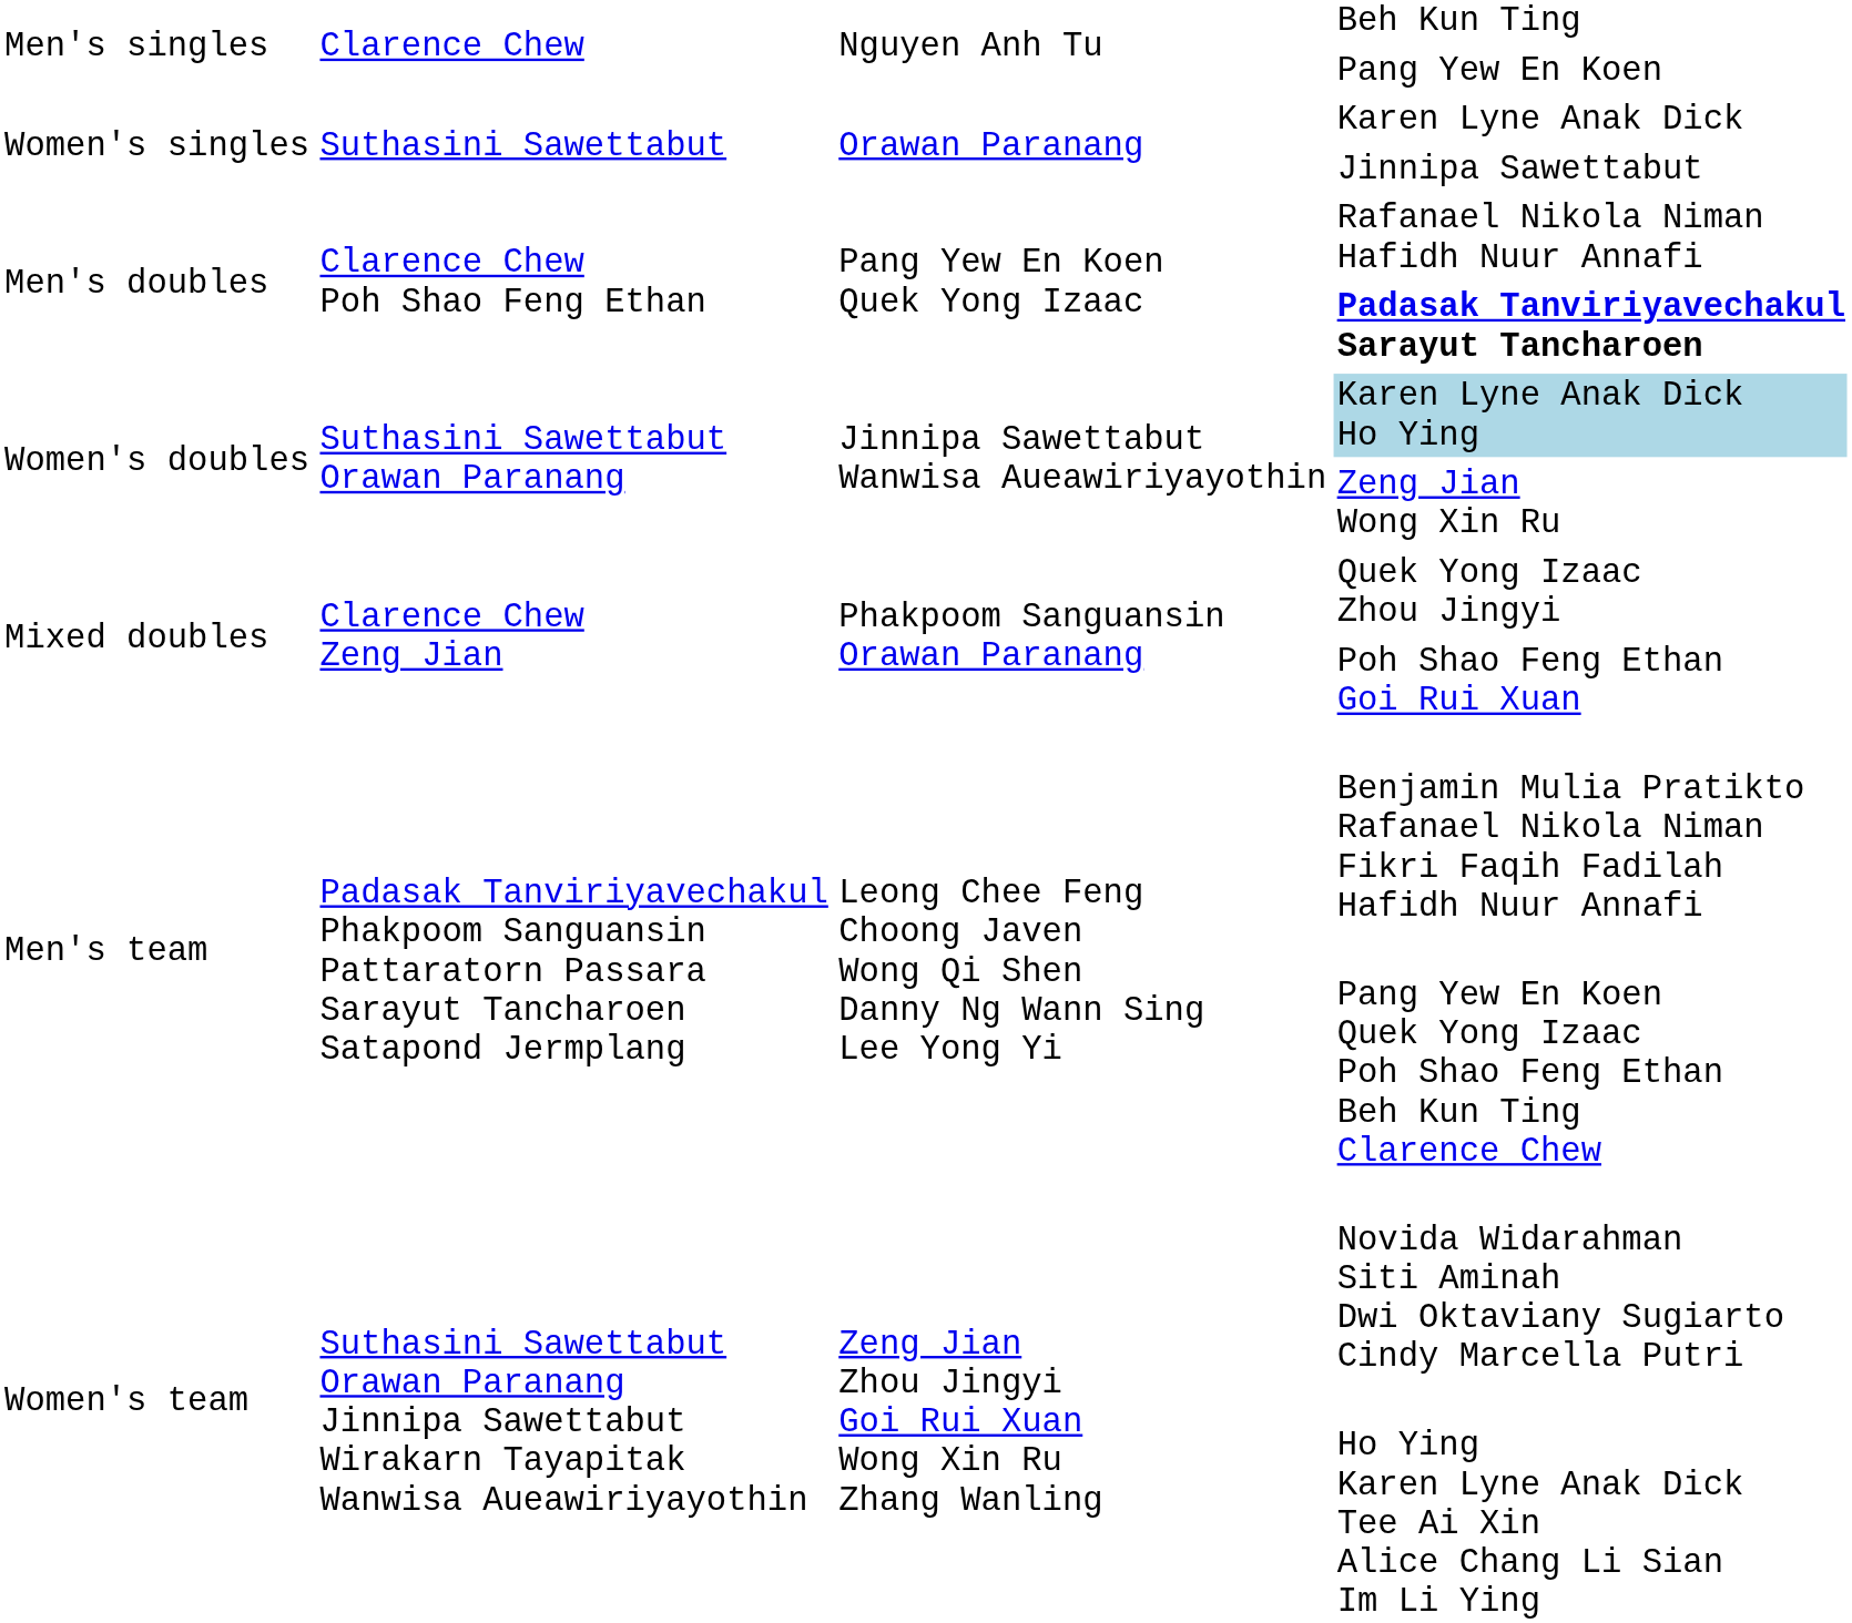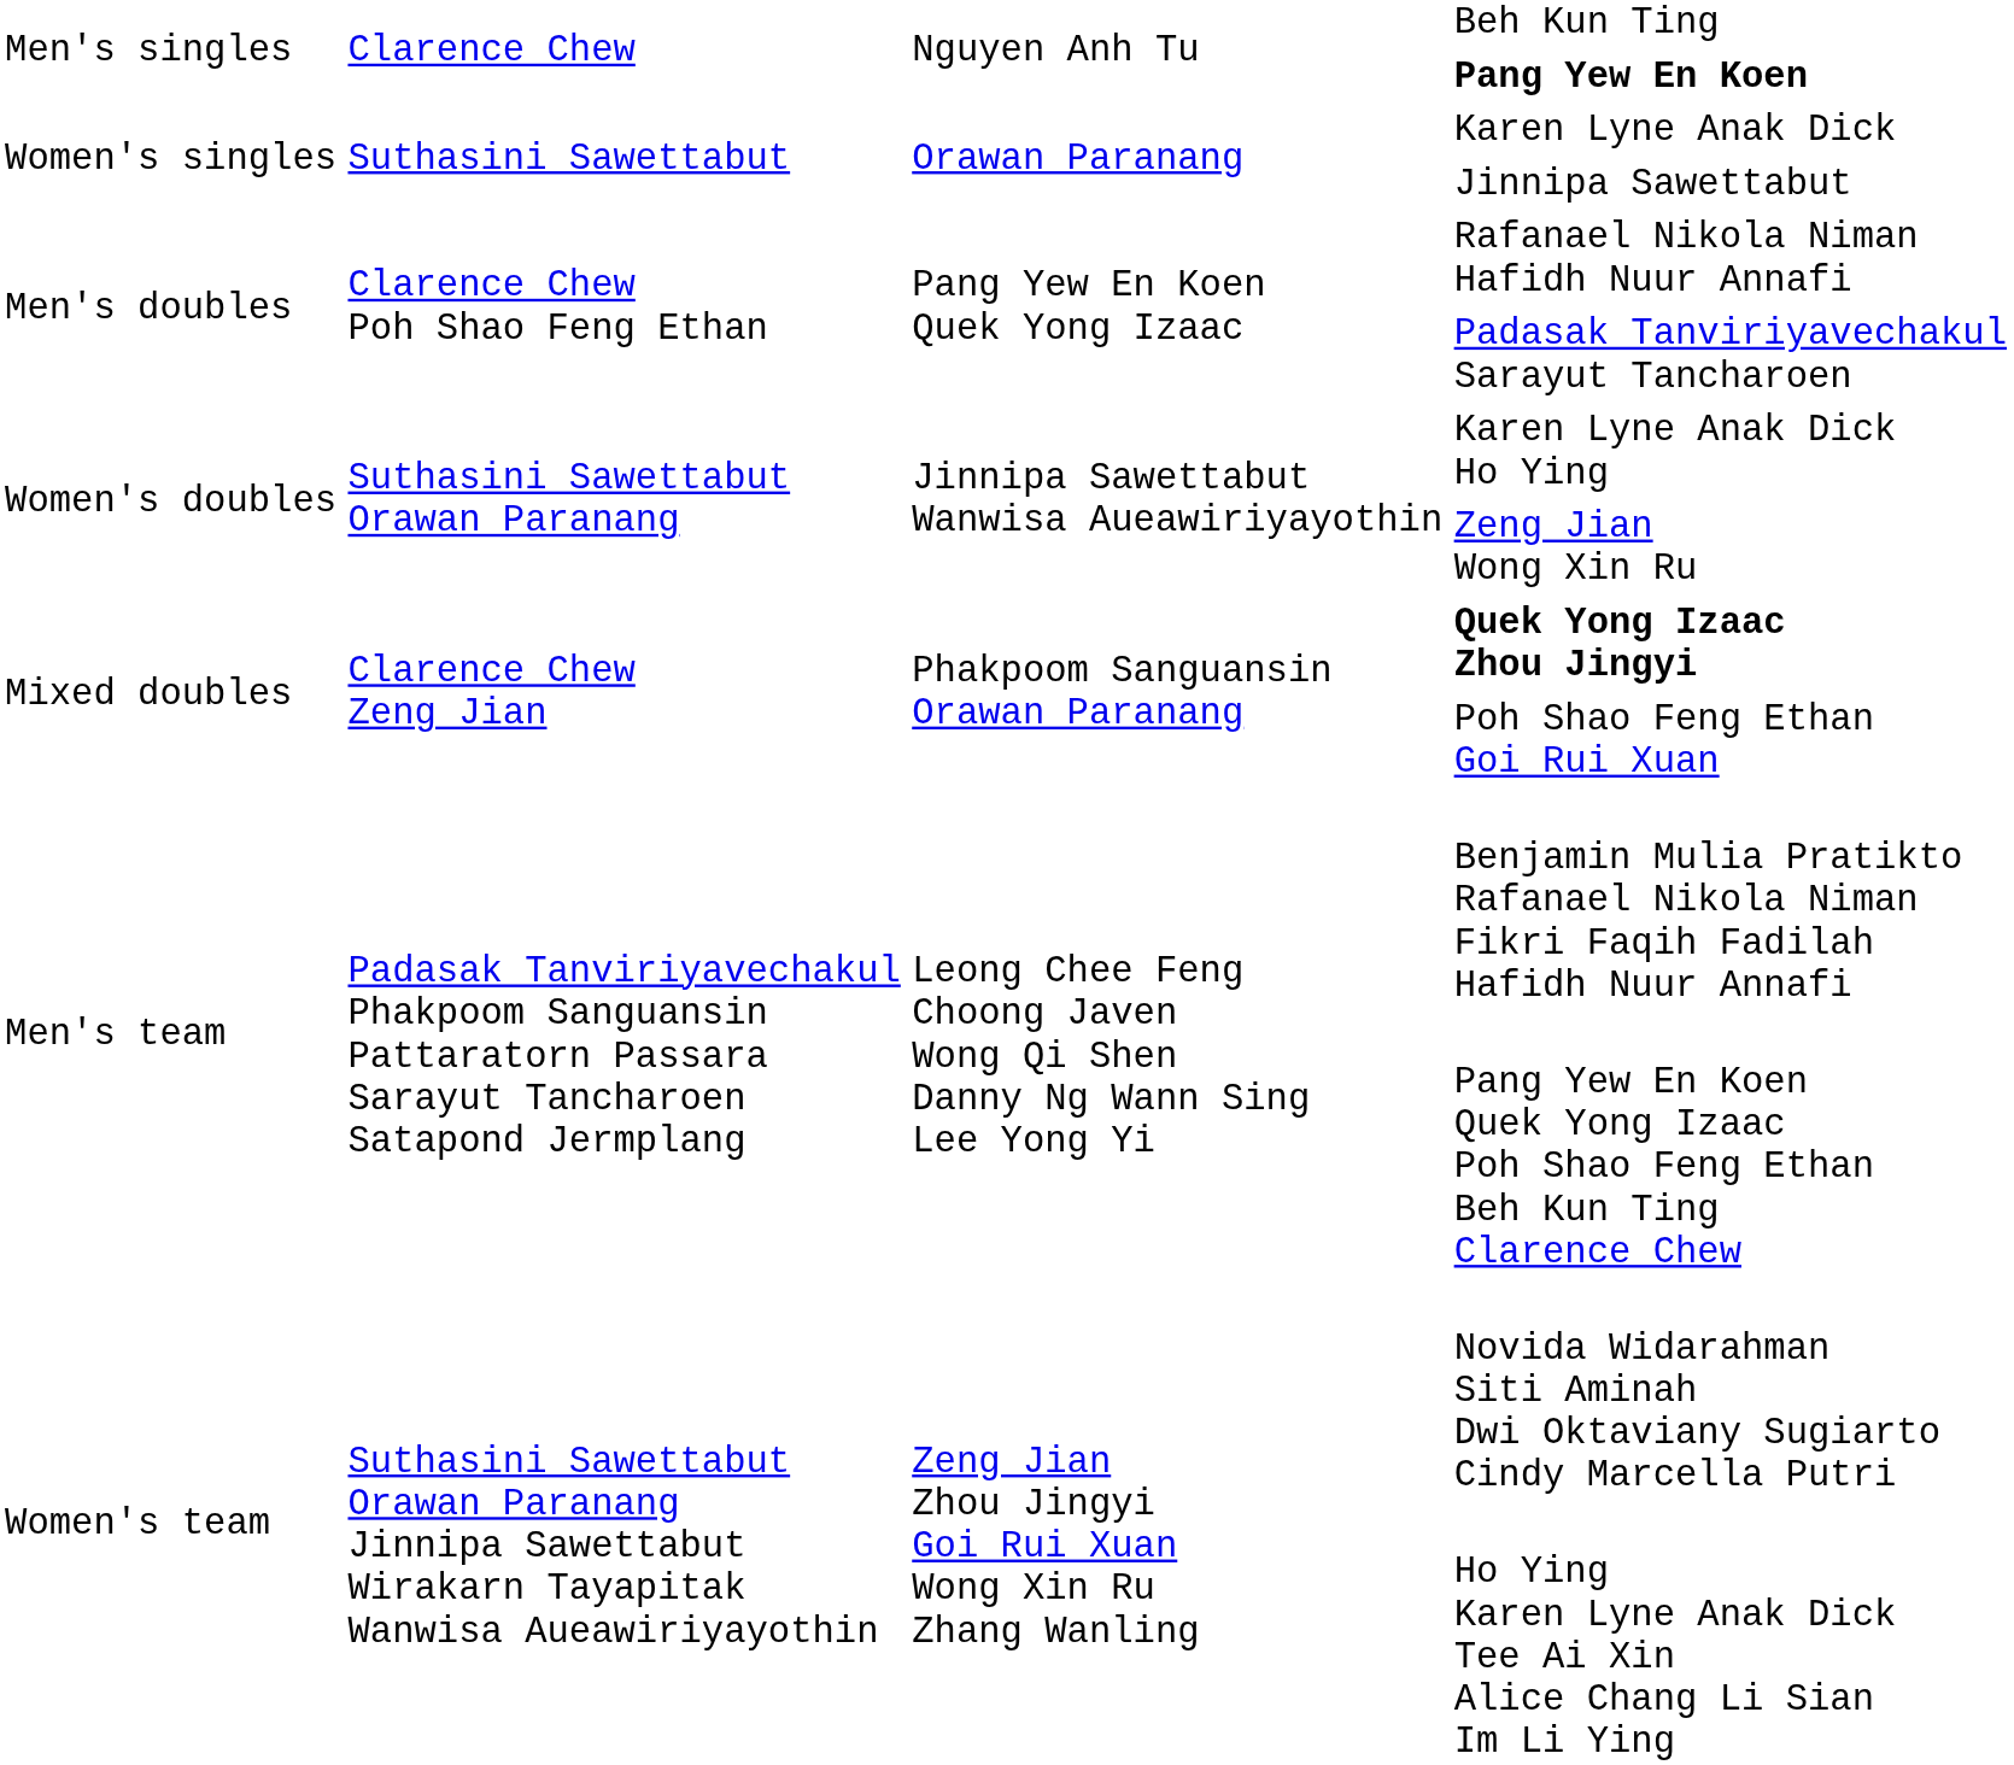 <table>
 <tr>
 <td rowspan=2>Men's singles <br></td>
 <td rowspan=2> <a href='#'>Clarence Chew</a></td>
 <td rowspan=2> Nguyen Anh Tu</td>
 <td> Beh Kun Ting</td>
 </tr>
 <tr>
-<td> Pang Yew En Koen</td>
+<td><strong> Pang Yew En Koen</strong></td>
 </tr>
 <tr>
 <td rowspan=2>Women's singles <br></td>
 <td rowspan=2> <a href='#'>Suthasini Sawettabut</a></td>
 <td rowspan=2> <a href='#'>Orawan Paranang</a></td>
 <td> Karen Lyne Anak Dick</td>
 </tr>
 <tr>
 <td> Jinnipa Sawettabut</td>
 </tr>
 <tr>
 <td rowspan=2>Men's doubles <br></td>
 <td rowspan=2> <a href='#'>Clarence Chew</a><br> Poh Shao Feng Ethan</td>
 <td rowspan=2> Pang Yew En Koen<br> Quek Yong Izaac</td>
 <td> Rafanael Nikola Niman<br> Hafidh Nuur Annafi</td>
 </tr>
 <tr>
-<td><strong> <a href='#'>Padasak Tanviriyavechakul</a><br> Sarayut Tancharoen</strong></td>
+<td> <a href='#'>Padasak Tanviriyavechakul</a><br> Sarayut Tancharoen</td>
 </tr>
 <tr>
 <td rowspan=2>Women's doubles <br></td>
 <td rowspan=2> <a href='#'>Suthasini Sawettabut</a><br> <a href='#'>Orawan Paranang</a></td>
 <td rowspan=2> Jinnipa Sawettabut<br> Wanwisa Aueawiriyayothin</td>
-<td style="background: lightblue;"> Karen Lyne Anak Dick<br>  Ho Ying</td>
+<td> Karen Lyne Anak Dick<br>  Ho Ying</td>
 </tr>
 <tr>
 <td> <a href='#'>Zeng Jian</a><br> Wong Xin Ru</td>
 </tr>
 <tr>
 <td rowspan=2>Mixed doubles <br></td>
 <td rowspan=2> <a href='#'>Clarence Chew</a><br> <a href='#'>Zeng Jian</a></td>
 <td rowspan=2> Phakpoom Sanguansin<br> <a href='#'>Orawan Paranang</a></td>
-<td> Quek Yong Izaac<br> Zhou Jingyi</td>
+<td><strong> Quek Yong Izaac<br> Zhou Jingyi</strong></td>
 </tr>
 <tr>
 <td> Poh Shao Feng Ethan<br> <a href='#'>Goi Rui Xuan</a></td>
 </tr>
 <tr>
 <td rowspan=2>Men's team <br></td>
 <td rowspan=2><br><a href='#'>Padasak Tanviriyavechakul</a><br>Phakpoom Sanguansin<br>Pattaratorn Passara<br>Sarayut Tancharoen<br>Satapond Jermplang</td>
 <td rowspan=2><br>Leong Chee Feng<br>Choong Javen<br>Wong Qi Shen<br>Danny Ng Wann Sing<br>Lee Yong Yi</td>
 <td><br>Benjamin Mulia Pratikto<br>Rafanael Nikola Niman<br>Fikri Faqih Fadilah<br>Hafidh Nuur Annafi</td>
 </tr>
 <tr>
 <td><br>Pang Yew En Koen<br>Quek Yong Izaac<br>Poh Shao Feng Ethan<br>Beh Kun Ting<br><a href='#'>Clarence Chew</a></td>
 </tr>
 <tr>
 <td rowspan=2>Women's team <br></td>
 <td rowspan=2><br><a href='#'>Suthasini Sawettabut</a><br><a href='#'>Orawan Paranang</a><br>Jinnipa Sawettabut<br>Wirakarn Tayapitak<br>Wanwisa Aueawiriyayothin</td>
 <td rowspan=2><br><a href='#'>Zeng Jian</a><br>Zhou Jingyi<br><a href='#'>Goi Rui Xuan</a><br>Wong Xin Ru<br>Zhang Wanling</td>
 <td><br>Novida Widarahman<br>Siti Aminah<br>Dwi Oktaviany Sugiarto<br>Cindy Marcella Putri</td>
 </tr>
 <tr>
 <td><br>Ho Ying<br>Karen Lyne Anak Dick<br>Tee Ai Xin<br>Alice Chang Li Sian<br>Im Li Ying</td>
 </tr>
 </table>
